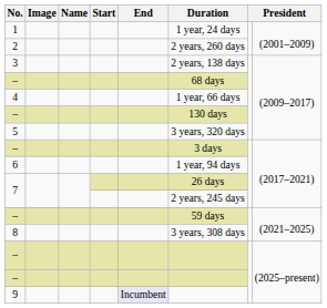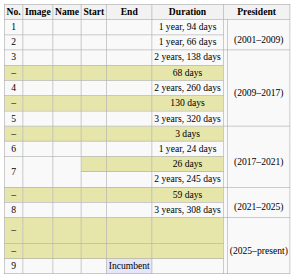 <table class="wikitable sortable" style="text-align:center">
 <tr>
 <th>No.</th>
 <th class=unsortable>Image</th>
 <th>Name</th>
 <th>Start</th>
 <th>End</th>
 <th>Duration</th>
 <th colspan="2">President</th>
 </tr>
 <tr>
 <td>1</td>
 <td></td>
 <td></td>
 <td></td>
 <td></td>
-<td>1 year, 24 days</td>
+<td>1 year, 94 days</td>
 <td rowspan="2" style="background: "></td>
 <td rowspan=2><br>(2001–2009)</td>
 </tr>
 <tr>
 <td>2</td>
 <td></td>
 <td></td>
 <td></td>
 <td></td>
-<td>2 years, 260 days</td>
+<td>1 year, 66 days</td>
 </tr>
 <tr>
 <td>3</td>
 <td></td>
 <td></td>
 <td></td>
 <td></td>
 <td>2 years, 138 days</td>
 <td rowspan="5" style="background: "></td>
 <td rowspan=5><br>(2009–2017)</td>
 </tr>
 <tr>
 <td style="background:#e6e6aa;">–</td>
 <td style="background:#e6e6aa;"></td>
 <td style="background:#e6e6aa;"><br></td>
 <td style="background:#e6e6aa;"></td>
 <td style="background:#e6e6aa;"></td>
 <td style="background:#e6e6aa;">68 days</td>
 </tr>
 <tr>
 <td>4</td>
 <td></td>
 <td></td>
 <td></td>
 <td></td>
-<td>1 year, 66 days</td>
+<td>2 years, 260 days</td>
 </tr>
 <tr>
 <td style="background:#e6e6aa;">–</td>
 <td style="background:#e6e6aa;"></td>
 <td style="background:#e6e6aa;"><br></td>
 <td style="background:#e6e6aa;"></td>
 <td style="background:#e6e6aa;"></td>
 <td style="background:#e6e6aa;">130 days</td>
 </tr>
 <tr>
 <td>5</td>
 <td></td>
 <td></td>
 <td></td>
 <td></td>
 <td>3 years, 320 days</td>
 </tr>
 <tr>
 <td style="background:#e6e6aa;">–</td>
 <td style="background:#e6e6aa;"></td>
 <td style="background:#e6e6aa;"><br></td>
 <td style="background:#e6e6aa;"></td>
 <td style="background:#e6e6aa;"></td>
 <td style="background:#e6e6aa;">3 days</td>
 <td rowspan="4" style="background: "></td>
 <td rowspan=4><br>(2017–2021)</td>
 </tr>
 <tr>
 <td>6</td>
 <td></td>
 <td></td>
 <td></td>
 <td></td>
-<td>1 year, 94 days</td>
+<td>1 year, 24 days</td>
 </tr>
 <tr>
 <td rowspan=2>7</td>
 <td rowspan=2></td>
 <td rowspan=2></td>
 <td style="background:#e6e6aa;"></td>
 <td style="background:#e6e6aa;"></td>
 <td style="background:#e6e6aa;">26 days</td>
 </tr>
 <tr>
 <td></td>
 <td></td>
 <td>2 years, 245 days</td>
 </tr>
 <tr>
 <td style="background:#e6e6aa;">–</td>
 <td style="background:#e6e6aa;"></td>
 <td style="background:#e6e6aa;"><br></td>
 <td style="background:#e6e6aa;"></td>
 <td style="background:#e6e6aa;"></td>
 <td style="background:#e6e6aa;">59 days</td>
 <td rowspan="2" style="background: "></td>
 <td rowspan=2><br>(2021–2025)</td>
 </tr>
 <tr>
 <td>8</td>
 <td></td>
 <td></td>
 <td></td>
 <td></td>
 <td>3 years, 308 days</td>
 </tr>
 <tr>
 <td style="background:#e6e6aa;">–</td>
 <td style="background:#e6e6aa;"></td>
 <td style="background:#e6e6aa;"><br><br></td>
 <td style="background:#e6e6aa;"></td>
 <td style="background:#e6e6aa;"></td>
 <td style="background:#e6e6aa;"></td>
 <td rowspan="3" style="background: "></td>
 <td rowspan=3><br>(2025–present)</td>
 </tr>
 <tr>
 <td style="background:#e6e6aa;">–</td>
 <td style="background:#e6e6aa;"></td>
 <td style="background:#e6e6aa;"><br></td>
 <td style="background:#e6e6aa;"></td>
 <td style="background:#e6e6aa;"></td>
 <td style="background:#e6e6aa;"></td>
 </tr>
 <tr>
 <td>9</td>
 <td></td>
 <td></td>
 <td></td>
 <td style="background: lavender;">Incumbent</td>
 <td></td>
 </tr>
 </table>
